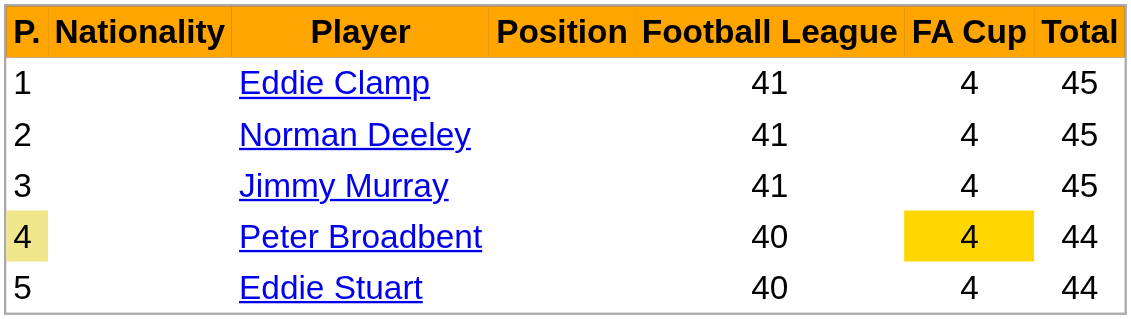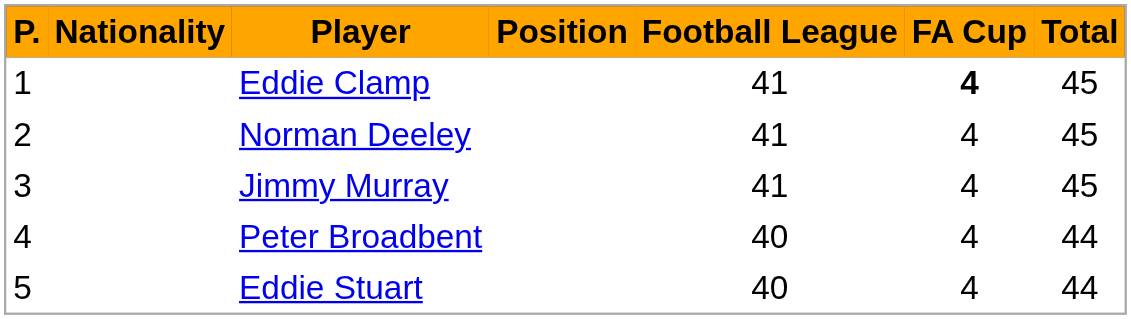 <table cellspacing="0" cellpadding="3" style="border:1px solid #AAAAAA;font-size:90%">
 <tr bgcolor="#191970">
 <th style=background:orange; align="center"><span>P.</span></th>
 <th style=background:orange; align="center"><span>Nationality</span></th>
 <th style=background:orange; align="center"><span>Player</span></th>
 <th style=background:orange; align="center"><span>Position</span></th>
 <th style=background:orange; align="center"><span>Football League</span></th>
 <th style=background:orange; align="center"><span>FA Cup</span></th>
 <th style=background:orange; align="center"><span>Total</span></th>
 </tr>
 <tr>
 <td>1</td>
 <td></td>
 <td><a href='#'>Eddie Clamp</a></td>
 <td></td>
 <td align="center">41</td>
-<td align="center">4</td>
+<td align="center"><strong>4</strong></td>
 <td align="center">45</td>
 </tr>
 <tr>
 <td>2</td>
 <td></td>
 <td><a href='#'>Norman Deeley</a></td>
 <td></td>
 <td align="center">41</td>
 <td align="center">4</td>
 <td align="center">45</td>
 </tr>
 <tr>
 <td>3</td>
 <td></td>
 <td><a href='#'>Jimmy Murray</a></td>
 <td></td>
 <td align="center">41</td>
 <td align="center">4</td>
 <td align="center">45</td>
 </tr>
 <tr>
-<td style="background: khaki;">4</td>
+<td>4</td>
 <td></td>
 <td><a href='#'>Peter Broadbent</a></td>
 <td></td>
 <td align="center">40</td>
-<td align="center" style="background: gold;">4</td>
+<td align="center">4</td>
 <td align="center">44</td>
 </tr>
 <tr>
 <td>5</td>
 <td></td>
 <td><a href='#'>Eddie Stuart</a></td>
 <td></td>
 <td align="center">40</td>
 <td align="center">4</td>
 <td align="center">44</td>
 </tr>
 <tr>
 </tr>
 </table>
